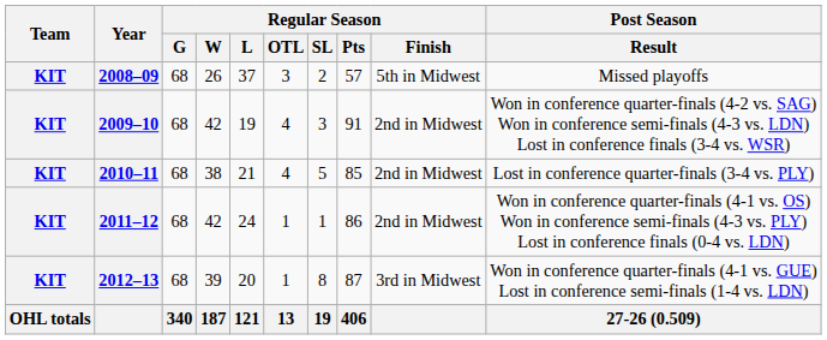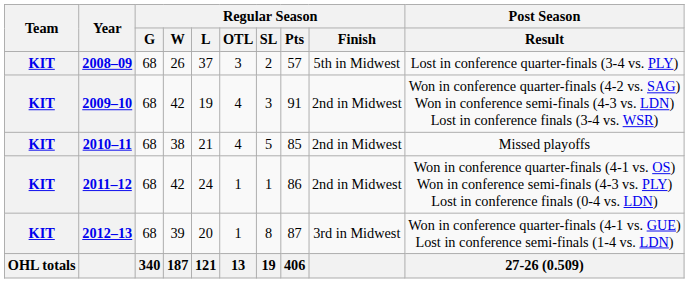 <table class="wikitable" style="font-size: 95%; text-align:center;">
 <tr>
 <th rowspan="2">Team</th>
 <th rowspan="2">Year</th>
 <th colspan="7">Regular Season</th>
 <th colspan="1">Post Season</th>
 </tr>
 <tr>
 <th>G</th>
 <th>W</th>
 <th>L</th>
 <th>OTL</th>
 <th>SL</th>
 <th>Pts</th>
 <th>Finish</th>
 <th>Result</th>
 </tr>
 <tr>
 <th><a href='#'>KIT</a></th>
 <th><a href='#'>2008–09</a></th>
 <td>68</td>
 <td>26</td>
 <td>37</td>
 <td>3</td>
 <td>2</td>
 <td>57</td>
 <td>5th in Midwest</td>
-<td>Missed playoffs</td>
+<td>Lost in conference quarter-finals (3-4 vs. <a href='#'>PLY</a>)</td>
 </tr>
 <tr>
 <th><a href='#'>KIT</a></th>
 <th><a href='#'>2009–10</a></th>
 <td>68</td>
 <td>42</td>
 <td>19</td>
 <td>4</td>
 <td>3</td>
 <td>91</td>
 <td>2nd in Midwest</td>
 <td>Won in conference quarter-finals (4-2 vs. <a href='#'>SAG</a>) <br> Won in conference semi-finals (4-3 vs. <a href='#'>LDN</a>) <br> Lost in conference finals (3-4 vs. <a href='#'>WSR</a>)</td>
 </tr>
 <tr>
 <th><a href='#'>KIT</a></th>
 <th><a href='#'>2010–11</a></th>
 <td>68</td>
 <td>38</td>
 <td>21</td>
 <td>4</td>
 <td>5</td>
 <td>85</td>
 <td>2nd in Midwest</td>
-<td>Lost in conference quarter-finals (3-4 vs. <a href='#'>PLY</a>)</td>
+<td>Missed playoffs</td>
 </tr>
 <tr>
 <th><a href='#'>KIT</a></th>
 <th><a href='#'>2011–12</a></th>
 <td>68</td>
 <td>42</td>
 <td>24</td>
 <td>1</td>
 <td>1</td>
 <td>86</td>
 <td>2nd in Midwest</td>
 <td>Won in conference quarter-finals (4-1 vs. <a href='#'>OS</a>) <br> Won in conference semi-finals (4-3 vs. <a href='#'>PLY</a>) <br> Lost in conference finals (0-4 vs. <a href='#'>LDN</a>)</td>
 </tr>
 <tr>
 <th><a href='#'>KIT</a></th>
 <th><a href='#'>2012–13</a></th>
 <td>68</td>
 <td>39</td>
 <td>20</td>
 <td>1</td>
 <td>8</td>
 <td>87</td>
 <td>3rd in Midwest</td>
 <td>Won in conference quarter-finals (4-1 vs. <a href='#'>GUE</a>) <br> Lost in conference semi-finals (1-4 vs. <a href='#'>LDN</a>)</td>
 </tr>
 <tr align="centre" bgcolor="#dddddd">
 <th>OHL totals</th>
 <th></th>
 <th>340</th>
 <th>187</th>
 <th>121</th>
 <th>13</th>
 <th>19</th>
 <th>406</th>
 <th></th>
 <th>27-26 (0.509)</th>
 </tr>
 </table>
